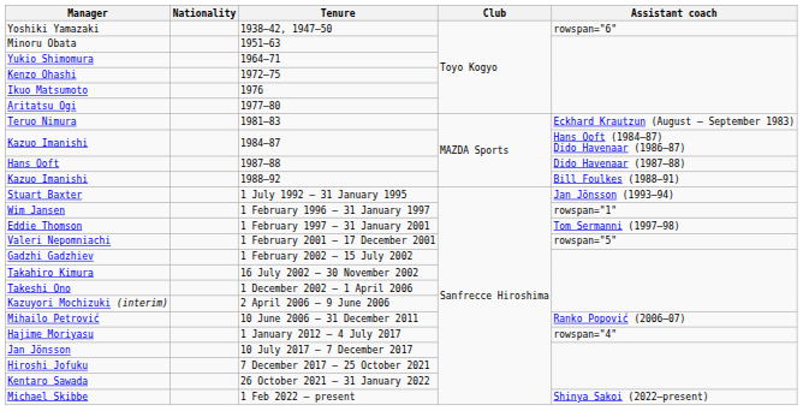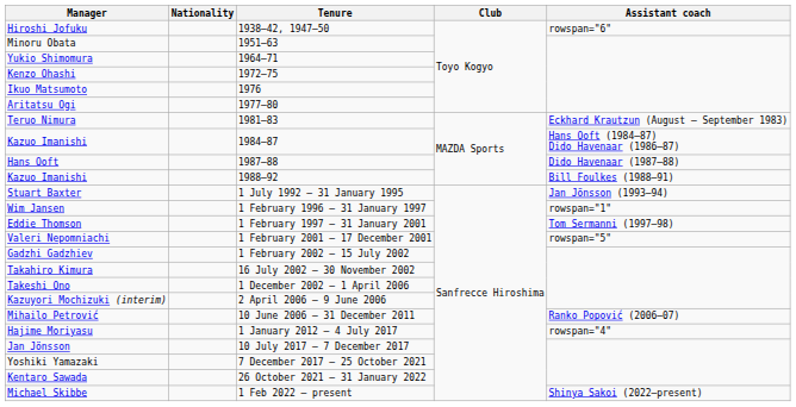 <table class="wikitable">
 <tr>
 <th>Manager</th>
 <th>Nationality</th>
 <th>Tenure</th>
 <th>Club</th>
 <th>Assistant coach</th>
 </tr>
 <tr>
-<td>Yoshiki Yamazaki</td>
+<td><a href='#'>Hiroshi Jofuku</a></td>
 <td></td>
 <td>1938–42, 1947–50</td>
 <td rowspan="6">Toyo Kogyo</td>
 <td>rowspan="6" </td>
 </tr>
 <tr>
 <td>Minoru Obata</td>
 <td></td>
 <td>1951–63</td>
 </tr>
 <tr>
 <td><a href='#'>Yukio Shimomura</a></td>
 <td></td>
 <td>1964–71</td>
 </tr>
 <tr>
 <td><a href='#'>Kenzo Ohashi</a></td>
 <td></td>
 <td>1972–75</td>
 </tr>
 <tr>
 <td><a href='#'>Ikuo Matsumoto</a></td>
 <td></td>
 <td>1976</td>
 </tr>
 <tr>
 <td><a href='#'>Aritatsu Ogi</a></td>
 <td></td>
 <td>1977–80</td>
 </tr>
 <tr>
 <td><a href='#'>Teruo Nimura</a></td>
 <td></td>
 <td>1981–83</td>
 <td rowspan="4">MAZDA Sports</td>
 <td> <a href='#'>Eckhard Krautzun</a> (August – September 1983)</td>
 </tr>
 <tr>
 <td><a href='#'>Kazuo Imanishi</a></td>
 <td></td>
 <td>1984–87</td>
 <td> <a href='#'>Hans Ooft</a> (1984–87)<br> <a href='#'>Dido Havenaar</a> (1986–87)</td>
 </tr>
 <tr>
 <td><a href='#'>Hans Ooft</a></td>
 <td></td>
 <td>1987–88</td>
 <td> <a href='#'>Dido Havenaar</a> (1987–88)</td>
 </tr>
 <tr>
 <td><a href='#'>Kazuo Imanishi</a></td>
 <td></td>
 <td>1988–92</td>
 <td> <a href='#'>Bill Foulkes</a> (1988–91)</td>
 </tr>
 <tr>
 <td><a href='#'>Stuart Baxter</a></td>
 <td></td>
 <td>1 July 1992 – 31 January 1995</td>
 <td rowspan="14">Sanfrecce Hiroshima</td>
 <td> <a href='#'>Jan Jönsson</a> (1993–94)</td>
 </tr>
 <tr>
 <td><a href='#'>Wim Jansen</a></td>
 <td></td>
 <td>1 February 1996 – 31 January 1997</td>
 <td>rowspan="1" </td>
 </tr>
 <tr>
 <td><a href='#'>Eddie Thomson</a></td>
 <td></td>
 <td>1 February 1997 – 31 January 2001</td>
 <td> <a href='#'>Tom Sermanni</a> (1997–98)</td>
 </tr>
 <tr>
 <td><a href='#'>Valeri Nepomniachi</a></td>
 <td></td>
 <td>1 February 2001 – 17 December 2001</td>
 <td>rowspan="5" </td>
 </tr>
 <tr>
 <td><a href='#'>Gadzhi Gadzhiev</a></td>
 <td></td>
 <td>1 February 2002 – 15 July 2002</td>
 </tr>
 <tr>
 <td><a href='#'>Takahiro Kimura</a></td>
 <td></td>
 <td>16 July 2002 – 30 November 2002</td>
 </tr>
 <tr>
 <td><a href='#'>Takeshi Ono</a></td>
 <td></td>
 <td>1 December 2002 – 1 April 2006</td>
 </tr>
 <tr>
 <td><a href='#'>Kazuyori Mochizuki</a> <em>(interim)</em></td>
 <td></td>
 <td>2 April 2006 – 9 June 2006</td>
 </tr>
 <tr>
 <td><a href='#'>Mihailo Petrović</a></td>
 <td></td>
 <td>10 June 2006 – 31 December 2011</td>
 <td> <a href='#'>Ranko Popović</a> (2006–07)</td>
 </tr>
 <tr>
 <td><a href='#'>Hajime Moriyasu</a></td>
 <td></td>
 <td>1 January 2012 – 4 July 2017</td>
 <td>rowspan="4" </td>
 </tr>
 <tr>
 <td><a href='#'>Jan Jönsson</a></td>
 <td></td>
 <td>10 July 2017 – 7 December 2017</td>
 </tr>
 <tr>
-<td><a href='#'>Hiroshi Jofuku</a></td>
+<td>Yoshiki Yamazaki</td>
 <td></td>
 <td>7 December 2017 – 25 October 2021</td>
 </tr>
 <tr>
 <td><a href='#'>Kentaro Sawada</a></td>
 <td></td>
 <td>26 October 2021 – 31 January 2022</td>
 </tr>
 <tr>
 <td><a href='#'>Michael Skibbe</a></td>
 <td></td>
 <td>1 Feb 2022 – present</td>
 <td> <a href='#'>Shinya Sakoi</a> (2022–present)</td>
 </tr>
 </table>
